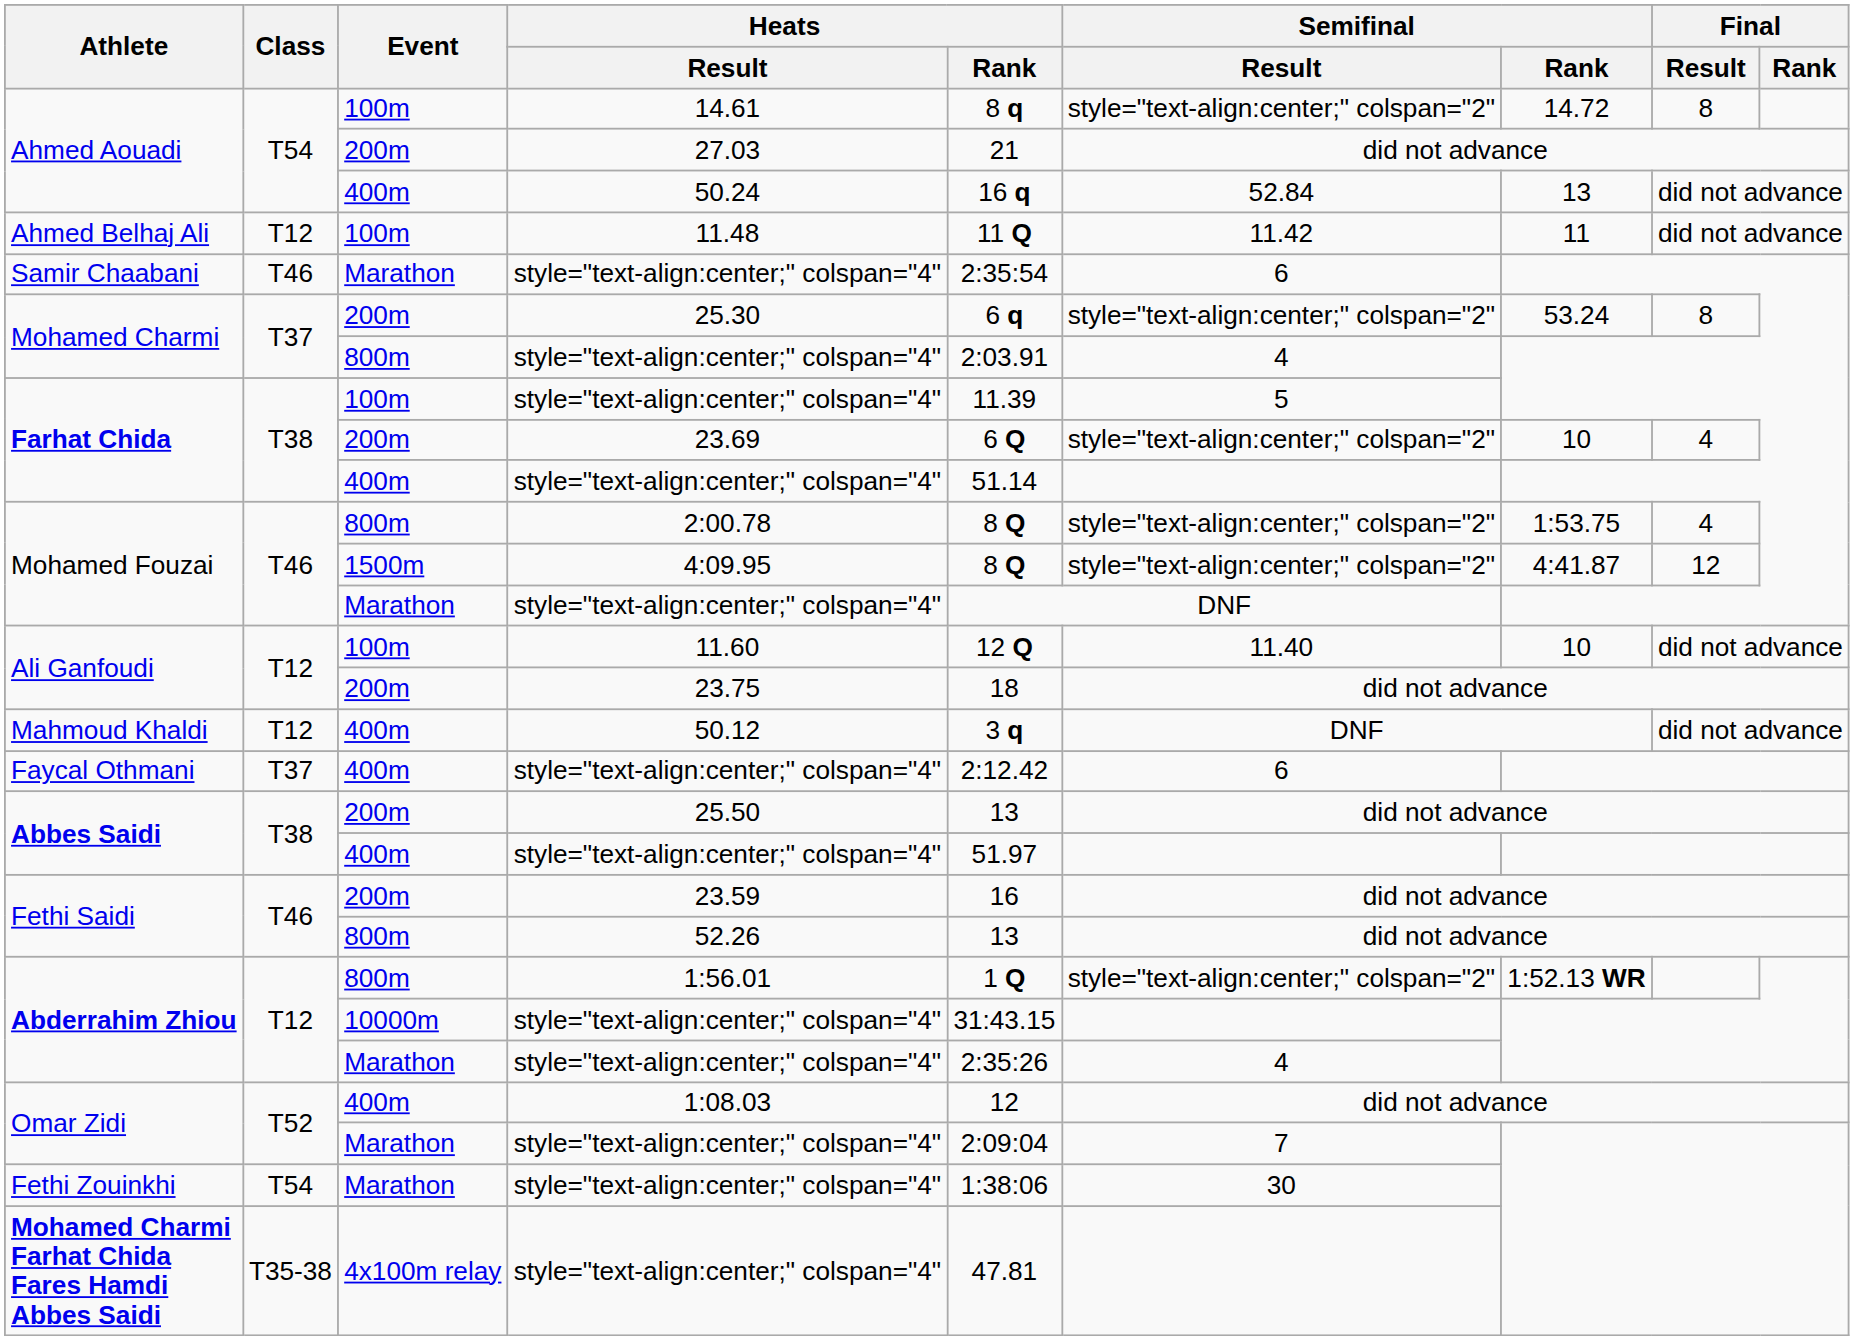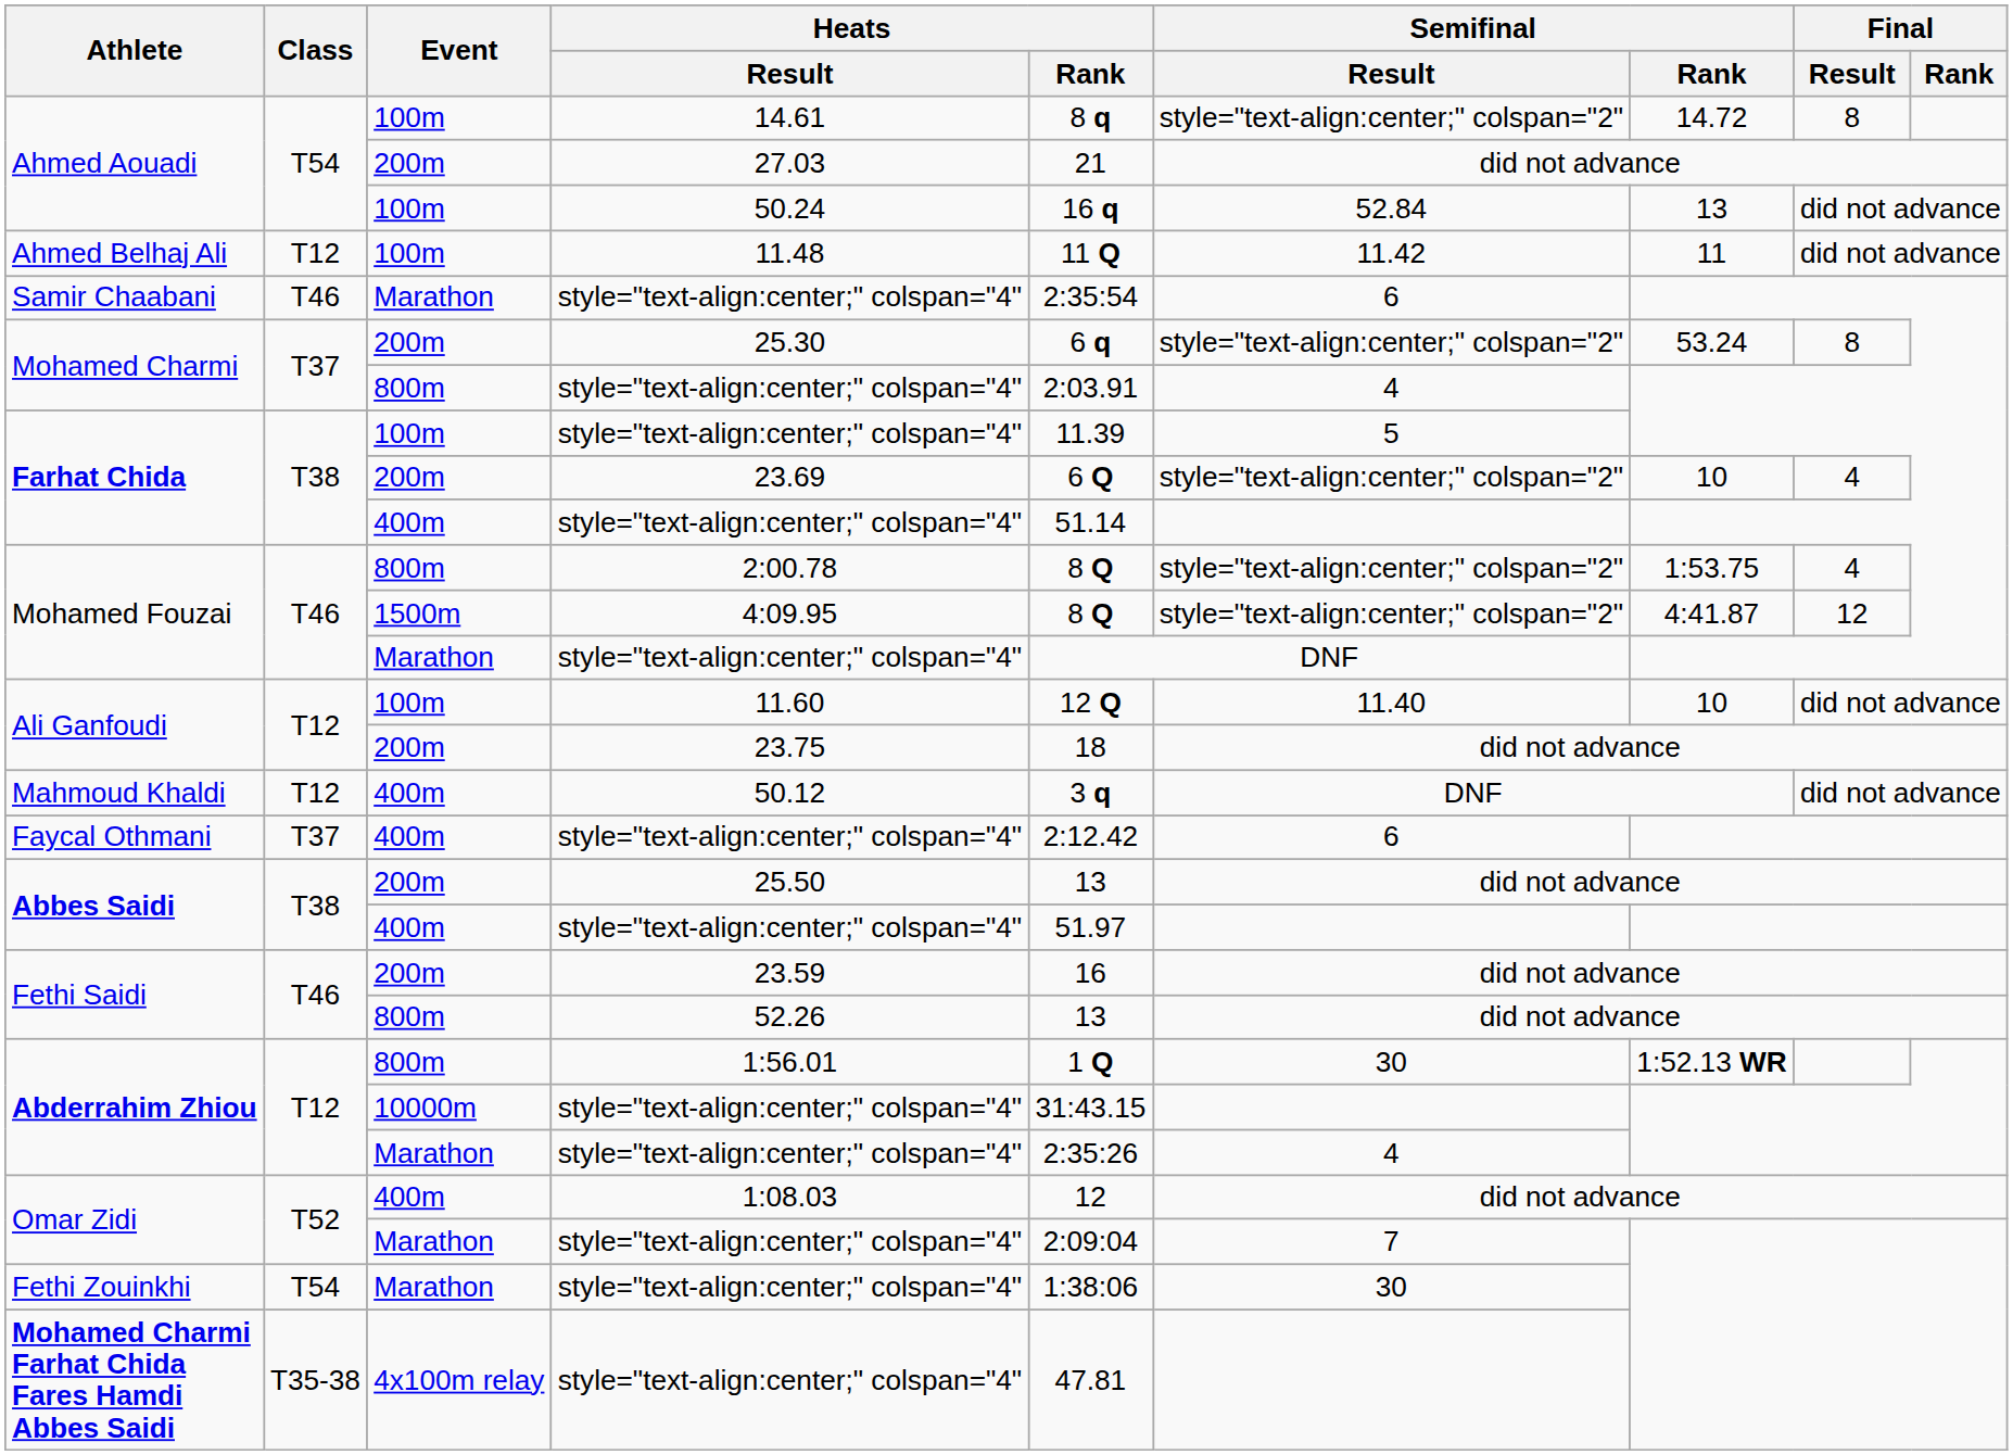 <table class=wikitable style="font-size:90%">
 <tr>
 <th rowspan="2">Athlete</th>
 <th rowspan="2">Class</th>
 <th rowspan="2">Event</th>
 <th colspan="2">Heats</th>
 <th colspan="2">Semifinal</th>
 <th colspan="2">Final</th>
 </tr>
 <tr>
 <th>Result</th>
 <th>Rank</th>
 <th>Result</th>
 <th>Rank</th>
 <th>Result</th>
 <th>Rank</th>
 </tr>
 <tr>
 <td rowspan="3"><a href='#'>Ahmed Aouadi</a></td>
 <td rowspan="3" style="text-align:center;">T54</td>
 <td><a href='#'>100m</a></td>
 <td style="text-align:center;">14.61</td>
 <td style="text-align:center;">8 <strong>q</strong></td>
 <td>style="text-align:center;" colspan="2" </td>
 <td style="text-align:center;">14.72</td>
 <td style="text-align:center;">8</td>
 </tr>
 <tr>
 <td><a href='#'>200m</a></td>
 <td style="text-align:center;">27.03</td>
 <td style="text-align:center;">21</td>
 <td style="text-align:center;" colspan="4">did not advance</td>
 </tr>
 <tr>
-<td><a href='#'>400m</a></td>
+<td><a href='#'>100m</a></td>
 <td style="text-align:center;">50.24</td>
 <td style="text-align:center;">16 <strong>q</strong></td>
 <td style="text-align:center;">52.84</td>
 <td style="text-align:center;">13</td>
 <td style="text-align:center;" colspan="2">did not advance</td>
 </tr>
 <tr>
 <td><a href='#'>Ahmed Belhaj Ali</a></td>
 <td style="text-align:center;">T12</td>
 <td><a href='#'>100m</a></td>
 <td style="text-align:center;">11.48</td>
 <td style="text-align:center;">11 <strong>Q</strong></td>
 <td style="text-align:center;">11.42</td>
 <td style="text-align:center;">11</td>
 <td style="text-align:center;" colspan="2">did not advance</td>
 </tr>
 <tr>
 <td><a href='#'>Samir Chaabani</a></td>
 <td style="text-align:center;">T46</td>
 <td><a href='#'>Marathon</a></td>
 <td>style="text-align:center;" colspan="4" </td>
 <td style="text-align:center;">2:35:54</td>
 <td style="text-align:center;">6</td>
 </tr>
 <tr>
 <td rowspan="2"><a href='#'>Mohamed Charmi</a></td>
 <td rowspan="2" style="text-align:center;">T37</td>
 <td><a href='#'>200m</a></td>
 <td style="text-align:center;">25.30</td>
 <td style="text-align:center;">6 <strong>q</strong></td>
 <td>style="text-align:center;" colspan="2" </td>
 <td style="text-align:center;">53.24</td>
 <td style="text-align:center;">8</td>
 </tr>
 <tr>
 <td><a href='#'>800m</a></td>
 <td>style="text-align:center;" colspan="4" </td>
 <td style="text-align:center;">2:03.91</td>
 <td style="text-align:center;">4</td>
 </tr>
 <tr>
 <td rowspan="3"><strong><a href='#'>Farhat Chida</a></strong></td>
 <td rowspan="3" style="text-align:center;">T38</td>
 <td><a href='#'>100m</a></td>
 <td>style="text-align:center;" colspan="4" </td>
 <td style="text-align:center;">11.39</td>
 <td style="text-align:center;">5</td>
 </tr>
 <tr>
 <td><a href='#'>200m</a></td>
 <td style="text-align:center;">23.69</td>
 <td style="text-align:center;">6 <strong>Q</strong></td>
 <td>style="text-align:center;" colspan="2" </td>
 <td style="text-align:center;">10</td>
 <td style="text-align:center;">4</td>
 </tr>
 <tr>
 <td><a href='#'>400m</a></td>
 <td>style="text-align:center;" colspan="4" </td>
 <td style="text-align:center;">51.14</td>
 <td style="text-align:center;"></td>
 </tr>
 <tr>
 <td rowspan="3">Mohamed Fouzai</td>
 <td rowspan="3" style="text-align:center;">T46</td>
 <td><a href='#'>800m</a></td>
 <td style="text-align:center;">2:00.78</td>
 <td style="text-align:center;">8 <strong>Q</strong></td>
 <td>style="text-align:center;" colspan="2" </td>
 <td style="text-align:center;">1:53.75</td>
 <td style="text-align:center;">4</td>
 </tr>
 <tr>
 <td><a href='#'>1500m</a></td>
 <td style="text-align:center;">4:09.95</td>
 <td style="text-align:center;">8 <strong>Q</strong></td>
 <td>style="text-align:center;" colspan="2" </td>
 <td style="text-align:center;">4:41.87</td>
 <td style="text-align:center;">12</td>
 </tr>
 <tr>
 <td><a href='#'>Marathon</a></td>
 <td>style="text-align:center;" colspan="4" </td>
 <td style="text-align:center;" colspan="2">DNF</td>
 </tr>
 <tr>
 <td rowspan="2"><a href='#'>Ali Ganfoudi</a></td>
 <td rowspan="2" style="text-align:center;">T12</td>
 <td><a href='#'>100m</a></td>
 <td style="text-align:center;">11.60</td>
 <td style="text-align:center;">12 <strong>Q</strong></td>
 <td style="text-align:center;">11.40</td>
 <td style="text-align:center;">10</td>
 <td style="text-align:center;" colspan="2">did not advance</td>
 </tr>
 <tr>
 <td><a href='#'>200m</a></td>
 <td style="text-align:center;">23.75</td>
 <td style="text-align:center;">18</td>
 <td style="text-align:center;" colspan="4">did not advance</td>
 </tr>
 <tr>
 <td><a href='#'>Mahmoud Khaldi</a></td>
 <td style="text-align:center;">T12</td>
 <td><a href='#'>400m</a></td>
 <td style="text-align:center;">50.12</td>
 <td style="text-align:center;">3 <strong>q</strong></td>
 <td style="text-align:center;" colspan="2">DNF</td>
 <td style="text-align:center;" colspan="2">did not advance</td>
 </tr>
 <tr>
 <td><a href='#'>Faycal Othmani</a></td>
 <td style="text-align:center;">T37</td>
 <td><a href='#'>400m</a></td>
 <td>style="text-align:center;" colspan="4" </td>
 <td style="text-align:center;">2:12.42</td>
 <td style="text-align:center;">6</td>
 </tr>
 <tr>
 <td rowspan="2"><strong><a href='#'>Abbes Saidi</a></strong></td>
 <td rowspan="2" style="text-align:center;">T38</td>
 <td><a href='#'>200m</a></td>
 <td style="text-align:center;">25.50</td>
 <td style="text-align:center;">13</td>
 <td style="text-align:center;" colspan="4">did not advance</td>
 </tr>
 <tr>
 <td><a href='#'>400m</a></td>
 <td>style="text-align:center;" colspan="4" </td>
 <td style="text-align:center;">51.97</td>
 <td style="text-align:center;"></td>
 </tr>
 <tr>
 <td rowspan="2"><a href='#'>Fethi Saidi</a></td>
 <td rowspan="2" style="text-align:center;">T46</td>
 <td><a href='#'>200m</a></td>
 <td style="text-align:center;">23.59</td>
 <td style="text-align:center;">16</td>
 <td style="text-align:center;" colspan="4">did not advance</td>
 </tr>
 <tr>
 <td><a href='#'>800m</a></td>
 <td style="text-align:center;">52.26</td>
 <td style="text-align:center;">13</td>
 <td style="text-align:center;" colspan="4">did not advance</td>
 </tr>
 <tr>
 <td rowspan="3"><strong><a href='#'>Abderrahim Zhiou</a></strong></td>
 <td rowspan="3" style="text-align:center;">T12</td>
 <td><a href='#'>800m</a></td>
 <td style="text-align:center;">1:56.01</td>
 <td style="text-align:center;">1 <strong>Q</strong></td>
-<td>style="text-align:center;" colspan="2" </td>
+<td style="text-align:center;">30</td>
 <td style="text-align:center;">1:52.13 <strong>WR</strong></td>
 <td style="text-align:center;"></td>
 </tr>
 <tr>
 <td><a href='#'>10000m</a></td>
 <td>style="text-align:center;" colspan="4" </td>
 <td style="text-align:center;">31:43.15</td>
 <td style="text-align:center;"></td>
 </tr>
 <tr>
 <td><a href='#'>Marathon</a></td>
 <td>style="text-align:center;" colspan="4" </td>
 <td style="text-align:center;">2:35:26</td>
 <td style="text-align:center;">4</td>
 </tr>
 <tr>
 <td rowspan="2"><a href='#'>Omar Zidi</a></td>
 <td rowspan="2" style="text-align:center;">T52</td>
 <td><a href='#'>400m</a></td>
 <td style="text-align:center;">1:08.03</td>
 <td style="text-align:center;">12</td>
 <td style="text-align:center;" colspan="4">did not advance</td>
 </tr>
 <tr>
 <td><a href='#'>Marathon</a></td>
 <td>style="text-align:center;" colspan="4" </td>
 <td style="text-align:center;">2:09:04</td>
 <td style="text-align:center;">7</td>
 </tr>
 <tr>
 <td><a href='#'>Fethi Zouinkhi</a></td>
 <td style="text-align:center;">T54</td>
 <td><a href='#'>Marathon</a></td>
 <td>style="text-align:center;" colspan="4" </td>
 <td style="text-align:center;">1:38:06</td>
 <td style="text-align:center;">30</td>
 </tr>
 <tr>
 <td><strong><a href='#'>Mohamed Charmi</a></strong><br> <strong><a href='#'>Farhat Chida</a></strong><br> <strong><a href='#'>Fares Hamdi</a></strong><br> <strong><a href='#'>Abbes Saidi</a></strong></td>
 <td style="text-align:center;">T35-38</td>
 <td><a href='#'>4x100m relay</a></td>
 <td>style="text-align:center;" colspan="4" </td>
 <td style="text-align:center;">47.81</td>
 <td style="text-align:center;"></td>
 </tr>
 </table>
